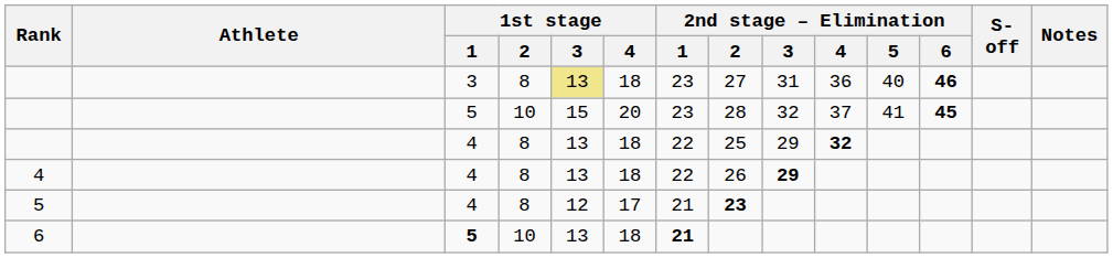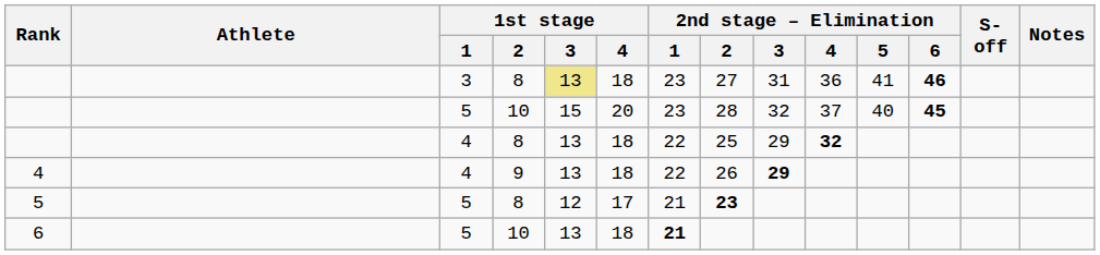 <table class="wikitable" style="text-align:center">
 <tr>
 <th rowspan=2 width=40>Rank</th>
 <th rowspan=2 width=250>Athlete</th>
 <th colspan=4>1st stage</th>
 <th colspan=6>2nd stage – Elimination</th>
 <th rowspan=2 width=35>S-off</th>
 <th rowspan=2 width=45>Notes</th>
 </tr>
 <tr>
 <th width=30>1</th>
 <th width=30>2</th>
 <th width=30>3</th>
 <th width=30>4</th>
 <th width=30>1</th>
 <th width=30>2</th>
 <th width=30>3</th>
 <th width=30>4</th>
 <th width=30>5</th>
 <th width=30>6</th>
 </tr>
 <tr>
 <td></td>
 <td align=left></td>
 <td>3</td>
 <td>8</td>
 <td style="background: khaki;">13</td>
 <td>18</td>
 <td>23</td>
 <td>27</td>
 <td>31</td>
 <td>36</td>
-<td>40</td>
+<td>41</td>
 <td><strong>46</strong></td>
 <td></td>
 <td></td>
 </tr>
 <tr>
 <td></td>
 <td align=left></td>
 <td>5</td>
 <td>10</td>
 <td>15</td>
 <td>20</td>
 <td>23</td>
 <td>28</td>
 <td>32</td>
 <td>37</td>
-<td>41</td>
+<td>40</td>
 <td><strong>45</strong></td>
 <td></td>
 <td></td>
 </tr>
 <tr>
 <td></td>
 <td align=left></td>
 <td>4</td>
 <td>8</td>
 <td>13</td>
 <td>18</td>
 <td>22</td>
 <td>25</td>
 <td>29</td>
 <td><strong>32</strong></td>
 <td></td>
 <td></td>
 <td></td>
 <td></td>
 </tr>
 <tr>
 <td>4</td>
 <td align=left></td>
 <td>4</td>
-<td>8</td>
+<td>9</td>
 <td>13</td>
 <td>18</td>
 <td>22</td>
 <td>26</td>
 <td><strong>29</strong></td>
 <td></td>
 <td></td>
 <td></td>
 <td></td>
 <td></td>
 </tr>
 <tr>
 <td>5</td>
 <td align=left></td>
-<td>4</td>
+<td>5</td>
 <td>8</td>
 <td>12</td>
 <td>17</td>
 <td>21</td>
 <td><strong>23</strong></td>
 <td></td>
 <td></td>
 <td></td>
 <td></td>
 <td></td>
 <td></td>
 </tr>
 <tr>
 <td>6</td>
 <td align=left></td>
-<td><strong>5</strong></td>
+<td>5</td>
 <td>10</td>
 <td>13</td>
 <td>18</td>
 <td><strong>21</strong></td>
 <td></td>
 <td></td>
 <td></td>
 <td></td>
 <td></td>
 <td></td>
 <td></td>
 </tr>
 </table>
